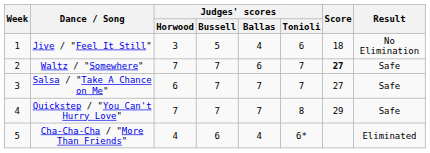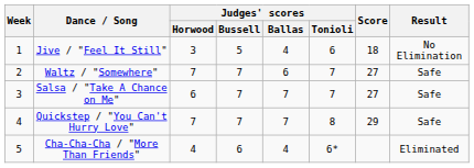 <table class="wikitable">
 <tr>
 <th rowspan="2">Week </th>
 <th rowspan="2">Dance / Song</th>
 <th colspan="4">Judges' scores</th>
 <th rowspan="2">Score</th>
 <th rowspan="2">Result</th>
 </tr>
 <tr>
 <th style="width:10%; ">Horwood</th>
 <th style="width:10%; ">Bussell</th>
 <th style="width:10%; ">Ballas</th>
 <th style="width:10%; ">Tonioli</th>
 </tr>
 <tr style="text-align: center; ">
 <td>1</td>
 <td><a href='#'>Jive</a> / "<a href='#'>Feel It Still</a>"</td>
 <td>3</td>
 <td>5</td>
 <td>4</td>
 <td>6</td>
 <td>18</td>
 <td>No Elimination</td>
 </tr>
 <tr style="text-align: center;">
 <td>2</td>
 <td><a href='#'>Waltz</a> / "<a href='#'>Somewhere</a>"</td>
 <td>7</td>
 <td>7</td>
 <td>6</td>
 <td>7</td>
-<td><strong>27</strong></td>
+<td>27</td>
 <td>Safe</td>
 </tr>
 <tr style="text-align: center;">
 <td>3</td>
 <td><a href='#'>Salsa</a> / "<a href='#'>Take A Chance on Me</a>"</td>
 <td>6</td>
 <td>7</td>
 <td>7</td>
 <td>7</td>
 <td>27</td>
 <td>Safe</td>
 </tr>
 <tr style="text-align: center;">
 <td>4</td>
 <td><a href='#'>Quickstep</a> / "<a href='#'>You Can't Hurry Love</a>"</td>
 <td>7</td>
 <td>7</td>
 <td>7</td>
 <td>8</td>
 <td>29</td>
 <td>Safe</td>
 </tr>
 <tr style="text-align: center;">
 <td>5</td>
 <td><a href='#'>Cha-Cha-Cha</a> / "<a href='#'>More Than Friends</a>"</td>
 <td>4</td>
 <td>6</td>
 <td>4</td>
 <td>6*</td>
 <td></td>
 <td>Eliminated</td>
 </tr>
 </table>
